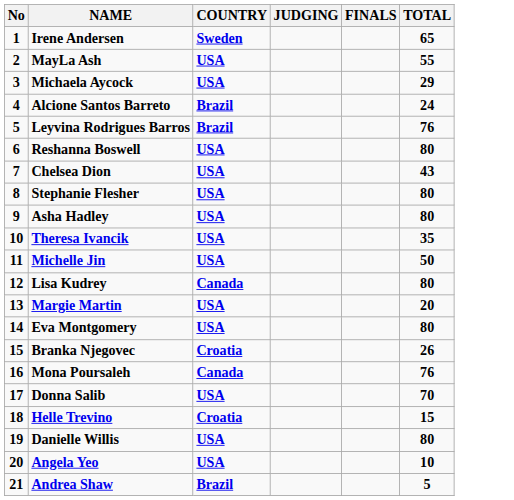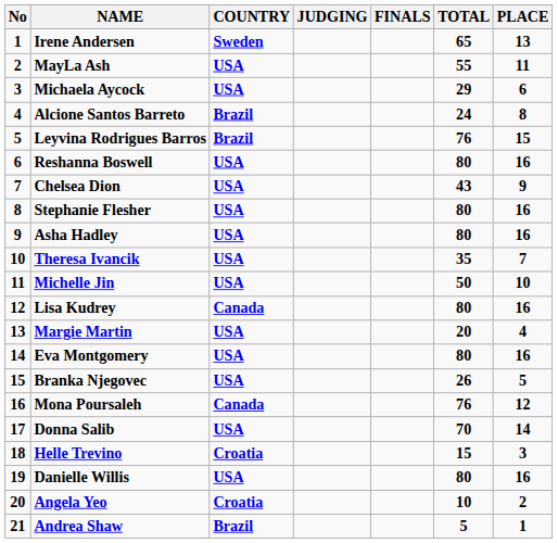 <table class="wikitable sortable">
 <tr>
 <th>No</th>
 <th>NAME</th>
 <th>COUNTRY</th>
 <th>JUDGING</th>
 <th>FINALS</th>
 <th>TOTAL</th>
+<th>PLACE</th>
 </tr>
 <tr>
 <td style="text-align: center"><strong>1</strong></td>
 <td><strong>Irene Andersen</strong></td>
 <td> <strong><a href='#'>Sweden</a></strong></td>
 <td></td>
 <td></td>
 <td style="text-align: center"><strong>65</strong></td>
+<td style="text-align: center"><strong>13</strong></td>
 </tr>
 <tr>
 <td style="text-align: center"><strong>2</strong></td>
 <td><strong>MayLa Ash</strong></td>
 <td> <strong><a href='#'>USA</a></strong></td>
 <td></td>
 <td></td>
 <td style="text-align: center"><strong>55</strong></td>
+<td style="text-align: center"><strong>11</strong></td>
 </tr>
 <tr>
 <td style="text-align: center"><strong>3</strong></td>
 <td><strong>Michaela Aycock</strong></td>
 <td> <strong><a href='#'>USA</a></strong></td>
 <td></td>
 <td></td>
 <td style="text-align: center"><strong>29</strong></td>
+<td style="text-align: center"><strong>6</strong></td>
 </tr>
 <tr>
 <td style="text-align: center"><strong>4</strong></td>
 <td><strong>Alcione Santos Barreto</strong></td>
 <td> <strong><a href='#'>Brazil</a></strong></td>
 <td></td>
 <td></td>
 <td style="text-align: center"><strong>24</strong></td>
+<td style="text-align: center"><strong>8</strong></td>
 </tr>
 <tr>
 <td style="text-align: center"><strong>5</strong></td>
 <td><strong>Leyvina Rodrigues Barros</strong></td>
 <td> <strong><a href='#'>Brazil</a></strong></td>
 <td></td>
 <td></td>
 <td style="text-align: center"><strong>76</strong></td>
+<td style="text-align: center"><strong>15</strong></td>
 </tr>
 <tr>
 <td style="text-align: center"><strong>6</strong></td>
 <td><strong>Reshanna Boswell</strong></td>
 <td> <strong><a href='#'>USA</a></strong></td>
 <td></td>
 <td></td>
 <td style="text-align: center"><strong>80</strong></td>
+<td style="text-align: center"><strong>16</strong></td>
 </tr>
 <tr>
 <td style="text-align: center"><strong>7</strong></td>
 <td><strong>Chelsea Dion</strong></td>
 <td> <strong><a href='#'>USA</a></strong></td>
 <td></td>
 <td></td>
 <td style="text-align: center"><strong>43</strong></td>
+<td style="text-align: center"><strong>9</strong></td>
 </tr>
 <tr>
 <td style="text-align: center"><strong>8</strong></td>
 <td><strong>Stephanie Flesher</strong></td>
 <td> <strong><a href='#'>USA</a></strong></td>
 <td></td>
 <td></td>
 <td style="text-align: center"><strong>80</strong></td>
+<td style="text-align: center"><strong>16</strong></td>
 </tr>
 <tr>
 <td style="text-align: center"><strong>9</strong></td>
 <td><strong>Asha Hadley</strong></td>
 <td> <strong><a href='#'>USA</a></strong></td>
 <td></td>
 <td></td>
 <td style="text-align: center"><strong>80</strong></td>
+<td style="text-align: center"><strong>16</strong></td>
 </tr>
 <tr>
 <td style="text-align: center"><strong>10</strong></td>
 <td><strong><a href='#'>Theresa Ivancik</a></strong></td>
 <td> <strong><a href='#'>USA</a></strong></td>
 <td></td>
 <td></td>
 <td style="text-align: center"><strong>35</strong></td>
+<td style="text-align: center"><strong>7</strong></td>
 </tr>
 <tr>
 <td style="text-align: center"><strong>11</strong></td>
 <td><strong><a href='#'>Michelle Jin</a></strong></td>
 <td> <strong><a href='#'>USA</a></strong></td>
 <td></td>
 <td></td>
 <td style="text-align: center"><strong>50</strong></td>
+<td style="text-align: center"><strong>10</strong></td>
 </tr>
 <tr>
 <td style="text-align: center"><strong>12</strong></td>
 <td><strong>Lisa Kudrey</strong></td>
 <td> <strong><a href='#'>Canada</a></strong></td>
 <td></td>
 <td></td>
 <td style="text-align: center"><strong>80</strong></td>
+<td style="text-align: center"><strong>16</strong></td>
 </tr>
 <tr>
 <td style="text-align: center"><strong>13</strong></td>
 <td><strong><a href='#'>Margie Martin</a></strong></td>
 <td> <strong><a href='#'>USA</a></strong></td>
 <td></td>
 <td></td>
 <td style="text-align: center"><strong>20</strong></td>
+<td style="text-align: center"><strong>4</strong></td>
 </tr>
 <tr>
 <td style="text-align: center"><strong>14</strong></td>
 <td><strong>Eva Montgomery</strong></td>
 <td> <strong><a href='#'>USA</a></strong></td>
 <td></td>
 <td></td>
 <td style="text-align: center"><strong>80</strong></td>
+<td style="text-align: center"><strong>16</strong></td>
 </tr>
 <tr>
 <td style="text-align: center"><strong>15</strong></td>
 <td><strong>Branka Njegovec</strong></td>
-<td> <strong><a href='#'>Croatia</a></strong></td>
+<td> <strong><a href='#'>USA</a></strong></td>
 <td></td>
 <td></td>
 <td style="text-align: center"><strong>26</strong></td>
+<td style="text-align: center"><strong>5</strong></td>
 </tr>
 <tr>
 <td style="text-align: center"><strong>16</strong></td>
 <td><strong>Mona Poursaleh</strong></td>
 <td> <strong><a href='#'>Canada</a></strong></td>
 <td></td>
 <td></td>
 <td style="text-align: center"><strong>76</strong></td>
+<td style="text-align: center"><strong>12</strong></td>
 </tr>
 <tr>
 <td style="text-align: center"><strong>17</strong></td>
 <td><strong>Donna Salib</strong></td>
 <td> <strong><a href='#'>USA</a></strong></td>
 <td></td>
 <td></td>
 <td style="text-align: center"><strong>70</strong></td>
+<td style="text-align: center"><strong>14</strong></td>
 </tr>
 <tr>
 <td style="text-align: center"><strong>18</strong></td>
 <td><strong><a href='#'>Helle Trevino</a></strong></td>
 <td> <strong><a href='#'>Croatia</a></strong></td>
 <td></td>
 <td></td>
 <td style="text-align: center"><strong>15</strong></td>
+<td style="text-align: center"><strong>3</strong></td>
 </tr>
 <tr>
 <td style="text-align: center"><strong>19</strong></td>
 <td><strong>Danielle Willis</strong></td>
 <td> <strong><a href='#'>USA</a></strong></td>
 <td></td>
 <td></td>
 <td style="text-align: center"><strong>80</strong></td>
+<td style="text-align: center"><strong>16</strong></td>
 </tr>
 <tr>
 <td style="text-align: center"><strong>20</strong></td>
 <td><strong><a href='#'>Angela Yeo</a></strong></td>
-<td> <strong><a href='#'>USA</a></strong></td>
+<td> <strong><a href='#'>Croatia</a></strong></td>
 <td></td>
 <td></td>
 <td style="text-align: center"><strong>10</strong></td>
+<td style="text-align: center"><strong>2</strong></td>
 </tr>
 <tr>
 <td style="text-align: center"><strong>21</strong></td>
 <td><strong><a href='#'>Andrea Shaw</a></strong></td>
 <td> <strong><a href='#'>Brazil</a></strong></td>
 <td></td>
 <td></td>
 <td style="text-align: center"><strong>5</strong></td>
+<td style="text-align: center"><strong>1</strong></td>
 </tr>
 </table>
